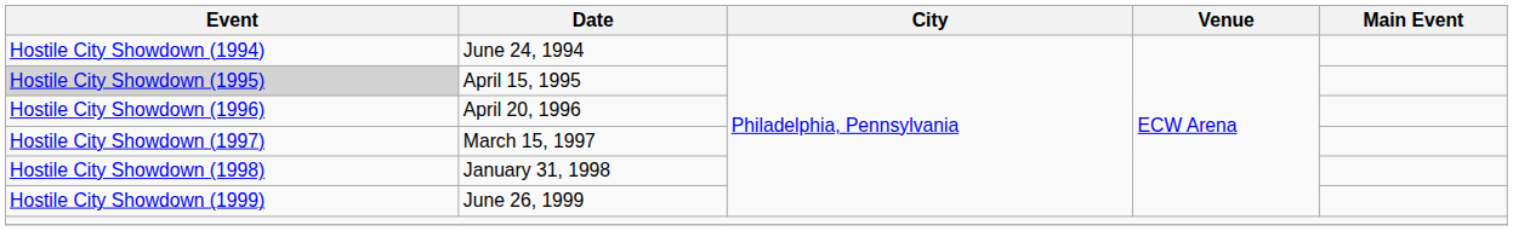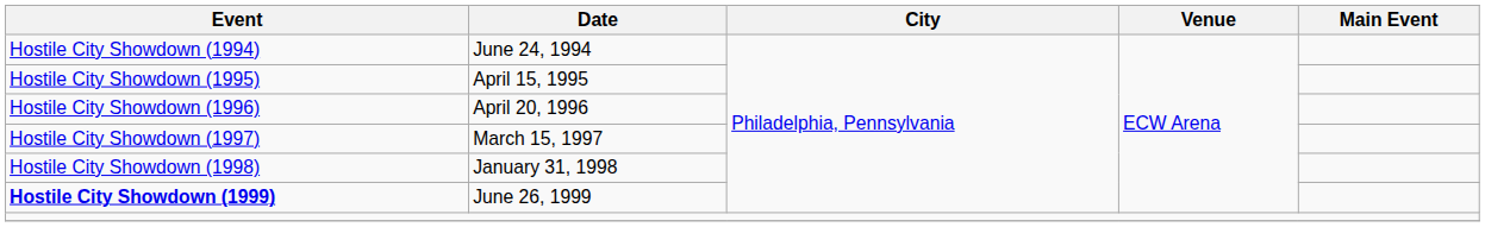 <table class="wikitable sortable" style="align: center" width=100%>
 <tr>
 <th>Event</th>
 <th>Date</th>
 <th>City</th>
 <th>Venue</th>
 <th>Main Event</th>
 </tr>
 <tr>
 <td><a href='#'>Hostile City Showdown (1994)</a></td>
 <td>June 24, 1994</td>
 <td rowspan="6"><a href='#'>Philadelphia, Pennsylvania</a></td>
 <td rowspan="6"><a href='#'>ECW Arena</a></td>
 <td></td>
 </tr>
 <tr>
-<td style="background: lightgrey;"><a href='#'>Hostile City Showdown (1995)</a></td>
+<td><a href='#'>Hostile City Showdown (1995)</a></td>
 <td>April 15, 1995</td>
 <td></td>
 </tr>
 <tr>
 <td><a href='#'>Hostile City Showdown (1996)</a></td>
 <td>April 20, 1996</td>
 <td></td>
 </tr>
 <tr>
 <td><a href='#'>Hostile City Showdown (1997)</a></td>
 <td>March 15, 1997</td>
 <td></td>
 </tr>
 <tr>
 <td><a href='#'>Hostile City Showdown (1998)</a></td>
 <td>January 31, 1998</td>
 <td></td>
 </tr>
 <tr>
-<td><a href='#'>Hostile City Showdown (1999)</a></td>
+<td><strong><a href='#'>Hostile City Showdown (1999)</a></strong></td>
 <td>June 26, 1999</td>
 <td></td>
 </tr>
 <tr>
 <td colspan="10"></td>
 </tr>
 <tr>
 </tr>
 </table>
